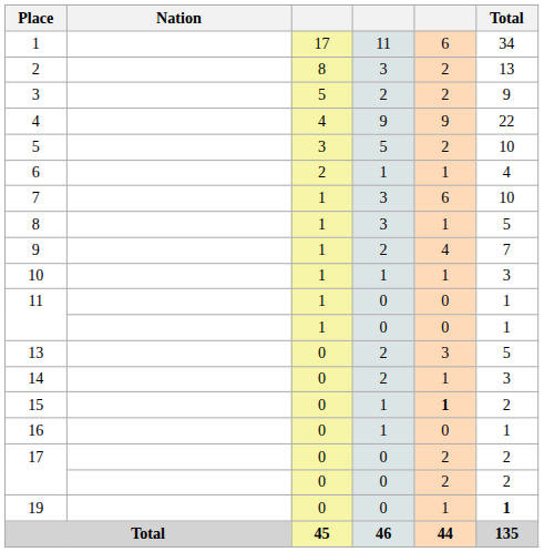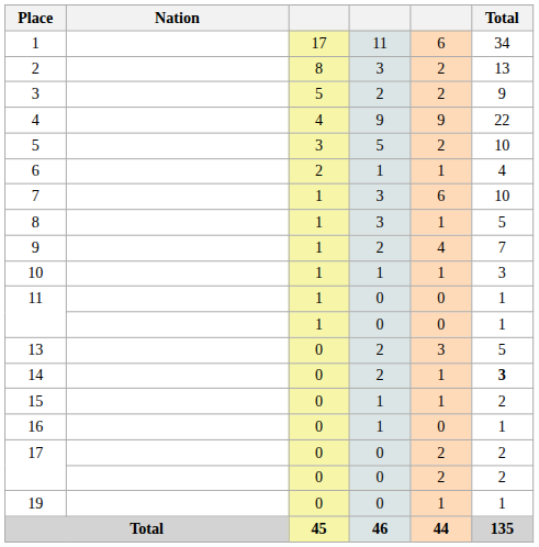 <table class=wikitable style="border:1px solid #AAAAAA;font-size:90%">
 <tr bgcolor="#EFEFEF">
 <th width=50>Place</th>
 <th width=200>Nation</th>
 <th width=50></th>
 <th width=50></th>
 <th width=50></th>
 <th width=50>Total</th>
 </tr>
 <tr align="center" valign="top" bgcolor="#FFFFFF">
 <td>1</td>
 <td align="left"></td>
 <td style="background:#F7F6A8;">17</td>
 <td style="background:#DCE5E5;">11</td>
 <td style="background:#FFDAB9;">6</td>
 <td>34</td>
 </tr>
 <tr align="center" valign="top" bgcolor="#FFFFFF">
 <td>2</td>
 <td align="left"></td>
 <td style="background:#F7F6A8;">8</td>
 <td style="background:#DCE5E5;">3</td>
 <td style="background:#FFDAB9;">2</td>
 <td>13</td>
 </tr>
 <tr align="center" valign="top" bgcolor="#FFFFFF">
 <td>3</td>
 <td align="left"></td>
 <td style="background:#F7F6A8;">5</td>
 <td style="background:#DCE5E5;">2</td>
 <td style="background:#FFDAB9;">2</td>
 <td>9</td>
 </tr>
 <tr align="center" valign="top" bgcolor="#FFFFFF">
 <td>4</td>
 <td align="left"></td>
 <td style="background:#F7F6A8;">4</td>
 <td style="background:#DCE5E5;">9</td>
 <td style="background:#FFDAB9;">9</td>
 <td>22</td>
 </tr>
 <tr align="center" valign="top" bgcolor="#FFFFFF">
 <td>5</td>
 <td align="left"></td>
 <td style="background:#F7F6A8;">3</td>
 <td style="background:#DCE5E5;">5</td>
 <td style="background:#FFDAB9;">2</td>
 <td>10</td>
 </tr>
 <tr align="center" valign="top" bgcolor="#FFFFFF">
 <td>6</td>
 <td align="left"></td>
 <td style="background:#F7F6A8;">2</td>
 <td style="background:#DCE5E5;">1</td>
 <td style="background:#FFDAB9;">1</td>
 <td>4</td>
 </tr>
 <tr align="center" valign="top" bgcolor="#FFFFFF">
 <td>7</td>
 <td align="left"></td>
 <td style="background:#F7F6A8;">1</td>
 <td style="background:#DCE5E5;">3</td>
 <td style="background:#FFDAB9;">6</td>
 <td>10</td>
 </tr>
 <tr align="center" valign="top" bgcolor="#FFFFFF">
 <td>8</td>
 <td align="left"></td>
 <td style="background:#F7F6A8;">1</td>
 <td style="background:#DCE5E5;">3</td>
 <td style="background:#FFDAB9;">1</td>
 <td>5</td>
 </tr>
 <tr align="center" valign="top" bgcolor="#FFFFFF">
 <td>9</td>
 <td align="left"></td>
 <td style="background:#F7F6A8;">1</td>
 <td style="background:#DCE5E5;">2</td>
 <td style="background:#FFDAB9;">4</td>
 <td>7</td>
 </tr>
 <tr align="center" valign="top" bgcolor="#FFFFFF">
 <td>10</td>
 <td align="left"></td>
 <td style="background:#F7F6A8;">1</td>
 <td style="background:#DCE5E5;">1</td>
 <td style="background:#FFDAB9;">1</td>
 <td>3</td>
 </tr>
 <tr align="center" valign="top" bgcolor="#FFFFFF">
 <td rowspan="2" valign="center">11</td>
 <td align="left"></td>
 <td style="background:#F7F6A8;">1</td>
 <td style="background:#DCE5E5;">0</td>
 <td style="background:#FFDAB9;">0</td>
 <td>1</td>
 </tr>
 <tr align="center" valign="top" bgcolor="#FFFFFF">
 <td align="left"></td>
 <td style="background:#F7F6A8;">1</td>
 <td style="background:#DCE5E5;">0</td>
 <td style="background:#FFDAB9;">0</td>
 <td>1</td>
 </tr>
 <tr align="center" valign="top" bgcolor="#FFFFFF">
 <td>13</td>
 <td align="left"></td>
 <td style="background:#F7F6A8;">0</td>
 <td style="background:#DCE5E5;">2</td>
 <td style="background:#FFDAB9;">3</td>
 <td>5</td>
 </tr>
 <tr align="center" valign="top" bgcolor="#FFFFFF">
 <td>14</td>
 <td align="left"></td>
 <td style="background:#F7F6A8;">0</td>
 <td style="background:#DCE5E5;">2</td>
 <td style="background:#FFDAB9;">1</td>
-<td>3</td>
+<td><strong>3</strong></td>
 </tr>
 <tr align="center" valign="top" bgcolor="#FFFFFF">
 <td>15</td>
 <td align="left"></td>
 <td style="background:#F7F6A8;">0</td>
 <td style="background:#DCE5E5;">1</td>
-<td style="background:#FFDAB9;"><strong>1</strong></td>
+<td style="background:#FFDAB9;">1</td>
 <td>2</td>
 </tr>
 <tr align="center" valign="top" bgcolor="#FFFFFF">
 <td>16</td>
 <td align="left"></td>
 <td style="background:#F7F6A8;">0</td>
 <td style="background:#DCE5E5;">1</td>
 <td style="background:#FFDAB9;">0</td>
 <td>1</td>
 </tr>
 <tr align="center" valign="top" bgcolor="#FFFFFF">
 <td rowspan="2" valign="center">17</td>
 <td align="left"></td>
 <td style="background:#F7F6A8;">0</td>
 <td style="background:#DCE5E5;">0</td>
 <td style="background:#FFDAB9;">2</td>
 <td>2</td>
 </tr>
 <tr align="center" valign="top" bgcolor="#FFFFFF">
 <td align="left"></td>
 <td style="background:#F7F6A8;">0</td>
 <td style="background:#DCE5E5;">0</td>
 <td style="background:#FFDAB9;">2</td>
 <td>2</td>
 </tr>
 <tr align="center" valign="top" bgcolor="#FFFFFF">
 <td>19</td>
 <td align="left"></td>
 <td style="background:#F7F6A8;">0</td>
 <td style="background:#DCE5E5;">0</td>
 <td style="background:#FFDAB9;">1</td>
-<td><strong>1</strong></td>
+<td>1</td>
 </tr>
 <tr align="center">
 <td colspan="2" bgcolor=D3D3D3><strong>Total</strong></td>
 <td style="background:#F7F6A8;"><strong>45</strong></td>
 <td style="background:#DCE5E5;"><strong>46</strong></td>
 <td style="background:#FFDAB9;"><strong>44</strong></td>
 <td bgcolor=D3D3D3><strong>135</strong></td>
 </tr>
 </table>
